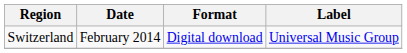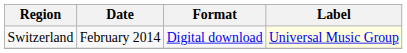 <table class=wikitable>
 <tr>
 <th>Region</th>
 <th>Date</th>
 <th>Format</th>
 <th>Label</th>
 </tr>
 <tr>
 <td>Switzerland</td>
 <td>February 2014</td>
 <td><a href='#'>Digital download</a></td>
-<td><a href='#'>Universal Music Group</a></td>
+<td style="background: lightyellow;"><a href='#'>Universal Music Group</a></td>
 </tr>
 <tr>
 </tr>
 </table>
